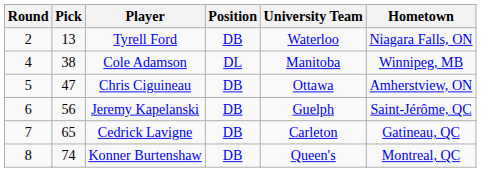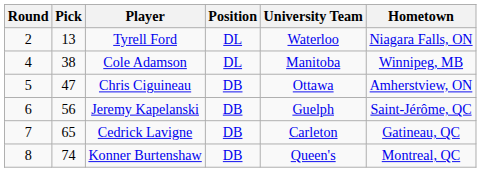 <table class="wikitable" style="font-size: 95%;">
 <tr>
 <th scope="col">Round</th>
 <th scope="col">Pick</th>
 <th scope="col">Player</th>
 <th scope="col">Position</th>
 <th scope="col">University Team</th>
 <th scope="col">Hometown</th>
 </tr>
 <tr align="center">
 <td align=center>2</td>
 <td>13</td>
 <td><a href='#'>Tyrell Ford</a></td>
-<td><a href='#'>DB</a></td>
+<td><a href='#'>DL</a></td>
 <td><a href='#'>Waterloo</a></td>
 <td><a href='#'>Niagara Falls, ON</a></td>
 </tr>
 <tr align="center">
 <td align=center>4</td>
 <td>38</td>
 <td><a href='#'>Cole Adamson</a></td>
 <td><a href='#'>DL</a></td>
 <td><a href='#'>Manitoba</a></td>
 <td><a href='#'>Winnipeg, MB</a></td>
 </tr>
 <tr align="center">
 <td align=center>5</td>
 <td>47</td>
 <td><a href='#'>Chris Ciguineau</a></td>
 <td><a href='#'>DB</a></td>
 <td><a href='#'>Ottawa</a></td>
 <td><a href='#'>Amherstview, ON</a></td>
 </tr>
 <tr align="center">
 <td align=center>6</td>
 <td>56</td>
 <td><a href='#'>Jeremy Kapelanski</a></td>
 <td><a href='#'>DB</a></td>
 <td><a href='#'>Guelph</a></td>
 <td><a href='#'>Saint-Jérôme, QC</a></td>
 </tr>
 <tr align="center">
 <td align=center>7</td>
 <td>65</td>
 <td><a href='#'>Cedrick Lavigne</a></td>
 <td><a href='#'>DB</a></td>
 <td><a href='#'>Carleton</a></td>
 <td><a href='#'>Gatineau, QC</a></td>
 </tr>
 <tr align="center">
 <td align=center>8</td>
 <td>74</td>
 <td><a href='#'>Konner Burtenshaw</a></td>
 <td><a href='#'>DB</a></td>
 <td><a href='#'>Queen's</a></td>
 <td><a href='#'>Montreal, QC</a></td>
 </tr>
 </table>
